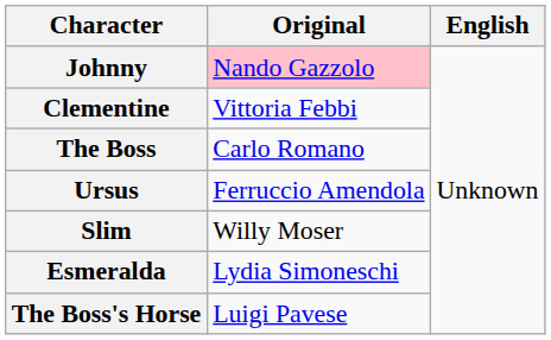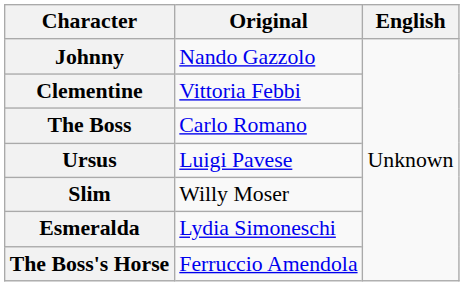 <table class="wikitable">
 <tr>
 <th>Character</th>
 <th>Original</th>
 <th>English</th>
 </tr>
 <tr>
 <th>Johnny</th>
-<td style="background: pink;"><a href='#'>Nando Gazzolo</a></td>
+<td><a href='#'>Nando Gazzolo</a></td>
 <td rowspan="7">Unknown</td>
 </tr>
 <tr>
 <th>Clementine</th>
 <td><a href='#'>Vittoria Febbi</a></td>
 </tr>
 <tr>
 <th>The Boss</th>
 <td><a href='#'>Carlo Romano</a></td>
 </tr>
 <tr>
 <th>Ursus</th>
-<td><a href='#'>Ferruccio Amendola</a></td>
+<td><a href='#'>Luigi Pavese</a></td>
 </tr>
 <tr>
 <th>Slim</th>
 <td>Willy Moser</td>
 </tr>
 <tr>
 <th>Esmeralda</th>
 <td><a href='#'>Lydia Simoneschi</a></td>
 </tr>
 <tr>
 <th>The Boss's Horse</th>
-<td><a href='#'>Luigi Pavese</a></td>
+<td><a href='#'>Ferruccio Amendola</a></td>
 </tr>
 </table>
